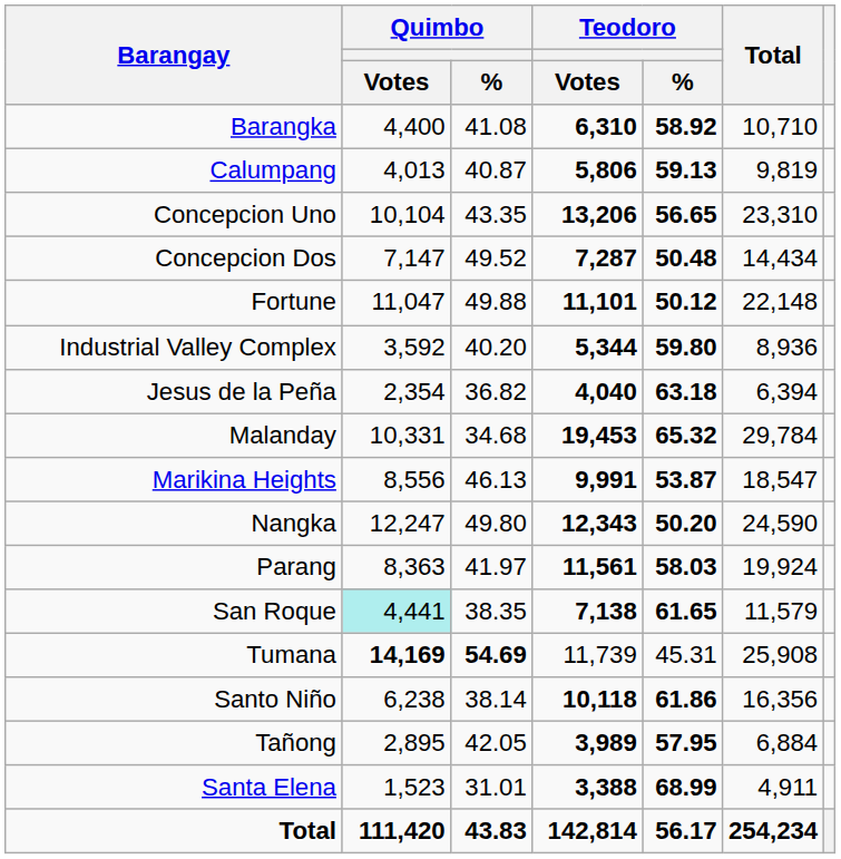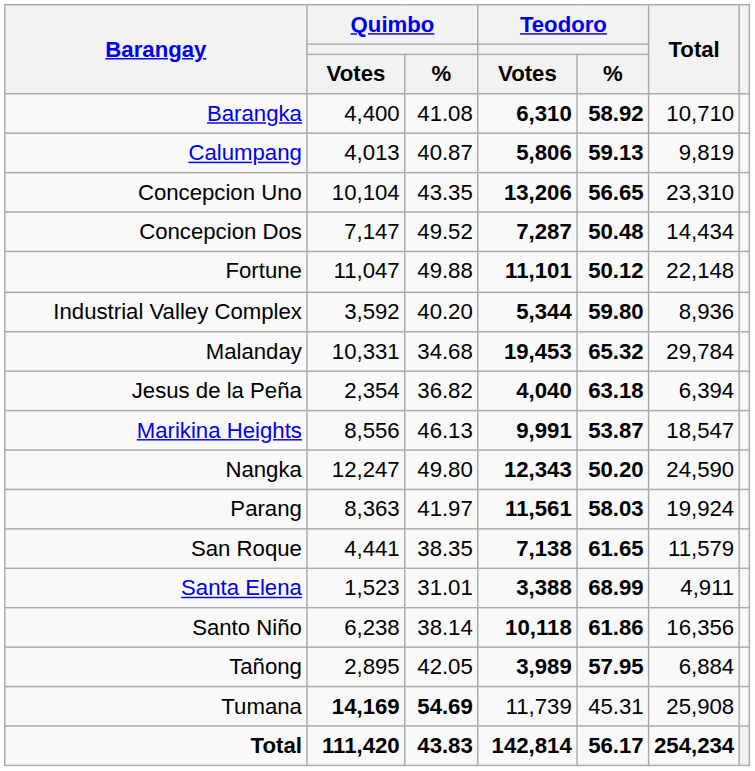 <table class="wikitable collapsible" style="text-align:right; font-size:95%; line-height:20px;">
 <tr>
 <th rowspan="3" width="200"><a href='#'>Barangay</a></th>
 <th colspan="2" width="110"><a href='#'>Quimbo</a></th>
 <th colspan="2" width="110"><a href='#'>Teodoro</a></th>
 <th rowspan="3">Total</th>
 <th rowspan="3"></th>
 </tr>
 <tr>
 <th colspan="2" style="background:"></th>
 <th colspan="2" style="background:"></th>
 </tr>
 <tr>
 <th>Votes</th>
 <th>%</th>
 <th>Votes</th>
 <th>%</th>
 </tr>
 <tr>
 <td><a href='#'>Barangka</a></td>
 <td align="right">4,400</td>
 <td align="right">41.08</td>
 <td style="background:#"><strong>6,310</strong></td>
 <td style="background:#"><strong>58.92</strong></td>
 <td align="right">10,710</td>
 <td></td>
 </tr>
 <tr>
 <td><a href='#'>Calumpang</a></td>
 <td align="right">4,013</td>
 <td align="right">40.87</td>
 <td style="background:#"><strong>5,806</strong></td>
 <td style="background:#"><strong>59.13</strong></td>
 <td align="right">9,819</td>
 <td></td>
 </tr>
 <tr>
 <td>Concepcion Uno</td>
 <td align="right">10,104</td>
 <td align="right">43.35</td>
 <td style="background:#"><strong>13,206</strong></td>
 <td style="background:#"><strong>56.65</strong></td>
 <td align="right">23,310</td>
 <td></td>
 </tr>
 <tr>
 <td>Concepcion Dos</td>
 <td align="right">7,147</td>
 <td align="right">49.52</td>
 <td style="background:#"><strong>7,287</strong></td>
 <td style="background:#"><strong>50.48</strong></td>
 <td align="right">14,434</td>
 <td></td>
 </tr>
 <tr>
 <td>Fortune</td>
 <td align="right">11,047</td>
 <td align="right">49.88</td>
 <td style="background:#"><strong>11,101</strong></td>
 <td style="background:#"><strong>50.12</strong></td>
 <td align="right">22,148</td>
 <td></td>
 </tr>
 <tr>
 <td>Industrial Valley Complex</td>
 <td align="right">3,592</td>
 <td align="right">40.20</td>
 <td style="background:#"><strong>5,344</strong></td>
 <td style="background:#"><strong>59.80</strong></td>
 <td align="right">8,936</td>
 <td></td>
 </tr>
 <tr>
+<td>Malanday</td>
+<td align="right">10,331</td>
+<td align="right">34.68</td>
+<td style="background:#"><strong>19,453</strong></td>
+<td style="background:#"><strong>65.32</strong></td>
+<td align="right">29,784</td>
+<td></td>
+</tr>
+<tr>
 <td>Jesus de la Peña</td>
 <td align="right">2,354</td>
 <td align="right">36.82</td>
 <td style="background:#"><strong>4,040</strong></td>
 <td style="background:#"><strong>63.18</strong></td>
 <td align="right">6,394</td>
-<td></td>
-</tr>
-<tr>
-<td>Malanday</td>
-<td align="right">10,331</td>
-<td align="right">34.68</td>
-<td style="background:#"><strong>19,453</strong></td>
-<td style="background:#"><strong>65.32</strong></td>
-<td align="right">29,784</td>
 <td></td>
 </tr>
 <tr>
 <td><a href='#'>Marikina Heights</a></td>
 <td align="right">8,556</td>
 <td align="right">46.13</td>
 <td style="background:#"><strong>9,991</strong></td>
 <td style="background:#"><strong>53.87</strong></td>
 <td align="right">18,547</td>
 <td></td>
 </tr>
 <tr>
 <td>Nangka</td>
 <td align="right">12,247</td>
 <td align="right">49.80</td>
 <td style="background:#"><strong>12,343</strong></td>
 <td style="background:#"><strong>50.20</strong></td>
 <td align="right">24,590</td>
 <td></td>
 </tr>
 <tr>
 <td>Parang</td>
 <td align="right">8,363</td>
 <td align="right">41.97</td>
 <td style="background:#"><strong>11,561</strong></td>
 <td style="background:#"><strong>58.03</strong></td>
 <td align="right">19,924</td>
 <td></td>
 </tr>
 <tr>
 <td>San Roque</td>
-<td align="right" style="background: paleturquoise;">4,441</td>
+<td align="right">4,441</td>
 <td align="right">38.35</td>
 <td style="background:#"><strong>7,138</strong></td>
 <td style="background:#"><strong>61.65</strong></td>
 <td align="right">11,579</td>
 <td></td>
 </tr>
 <tr>
-<td>Tumana</td>
-<td style="background:#"><strong>14,169</strong></td>
-<td style="background:#"><strong>54.69</strong></td>
-<td align="right">11,739</td>
-<td align="right">45.31</td>
-<td align="right">25,908</td>
+<td><a href='#'>Santa Elena</a></td>
+<td align="right">1,523</td>
+<td align="right">31.01</td>
+<td style="background:#"><strong>3,388</strong></td>
+<td style="background:#"><strong>68.99</strong></td>
+<td align="right">4,911</td>
 <td></td>
 </tr>
 <tr>
 <td>Santo Niño</td>
 <td align="right">6,238</td>
 <td align="right">38.14</td>
 <td style="background:#"><strong>10,118</strong></td>
 <td style="background:#"><strong>61.86</strong></td>
 <td align="right">16,356</td>
 <td></td>
 </tr>
 <tr>
 <td>Tañong</td>
 <td align="right">2,895</td>
 <td align="right">42.05</td>
 <td style="background:#"><strong>3,989</strong></td>
 <td style="background:#"><strong>57.95</strong></td>
 <td align="right">6,884</td>
 <td></td>
 </tr>
 <tr>
-<td><a href='#'>Santa Elena</a></td>
-<td align="right">1,523</td>
-<td align="right">31.01</td>
-<td style="background:#"><strong>3,388</strong></td>
-<td style="background:#"><strong>68.99</strong></td>
-<td align="right">4,911</td>
+<td>Tumana</td>
+<td style="background:#"><strong>14,169</strong></td>
+<td style="background:#"><strong>54.69</strong></td>
+<td align="right">11,739</td>
+<td align="right">45.31</td>
+<td align="right">25,908</td>
 <td></td>
 </tr>
 <tr>
 <td><strong>Total</strong></td>
 <td align="right"><strong>111,420</strong></td>
 <td align="right"><strong>43.83</strong></td>
 <td style="background:#"><strong>142,814</strong></td>
 <td style="background:#"><strong>56.17</strong></td>
 <td align="right"><strong>254,234</strong></td>
 <th></th>
 </tr>
 </table>
